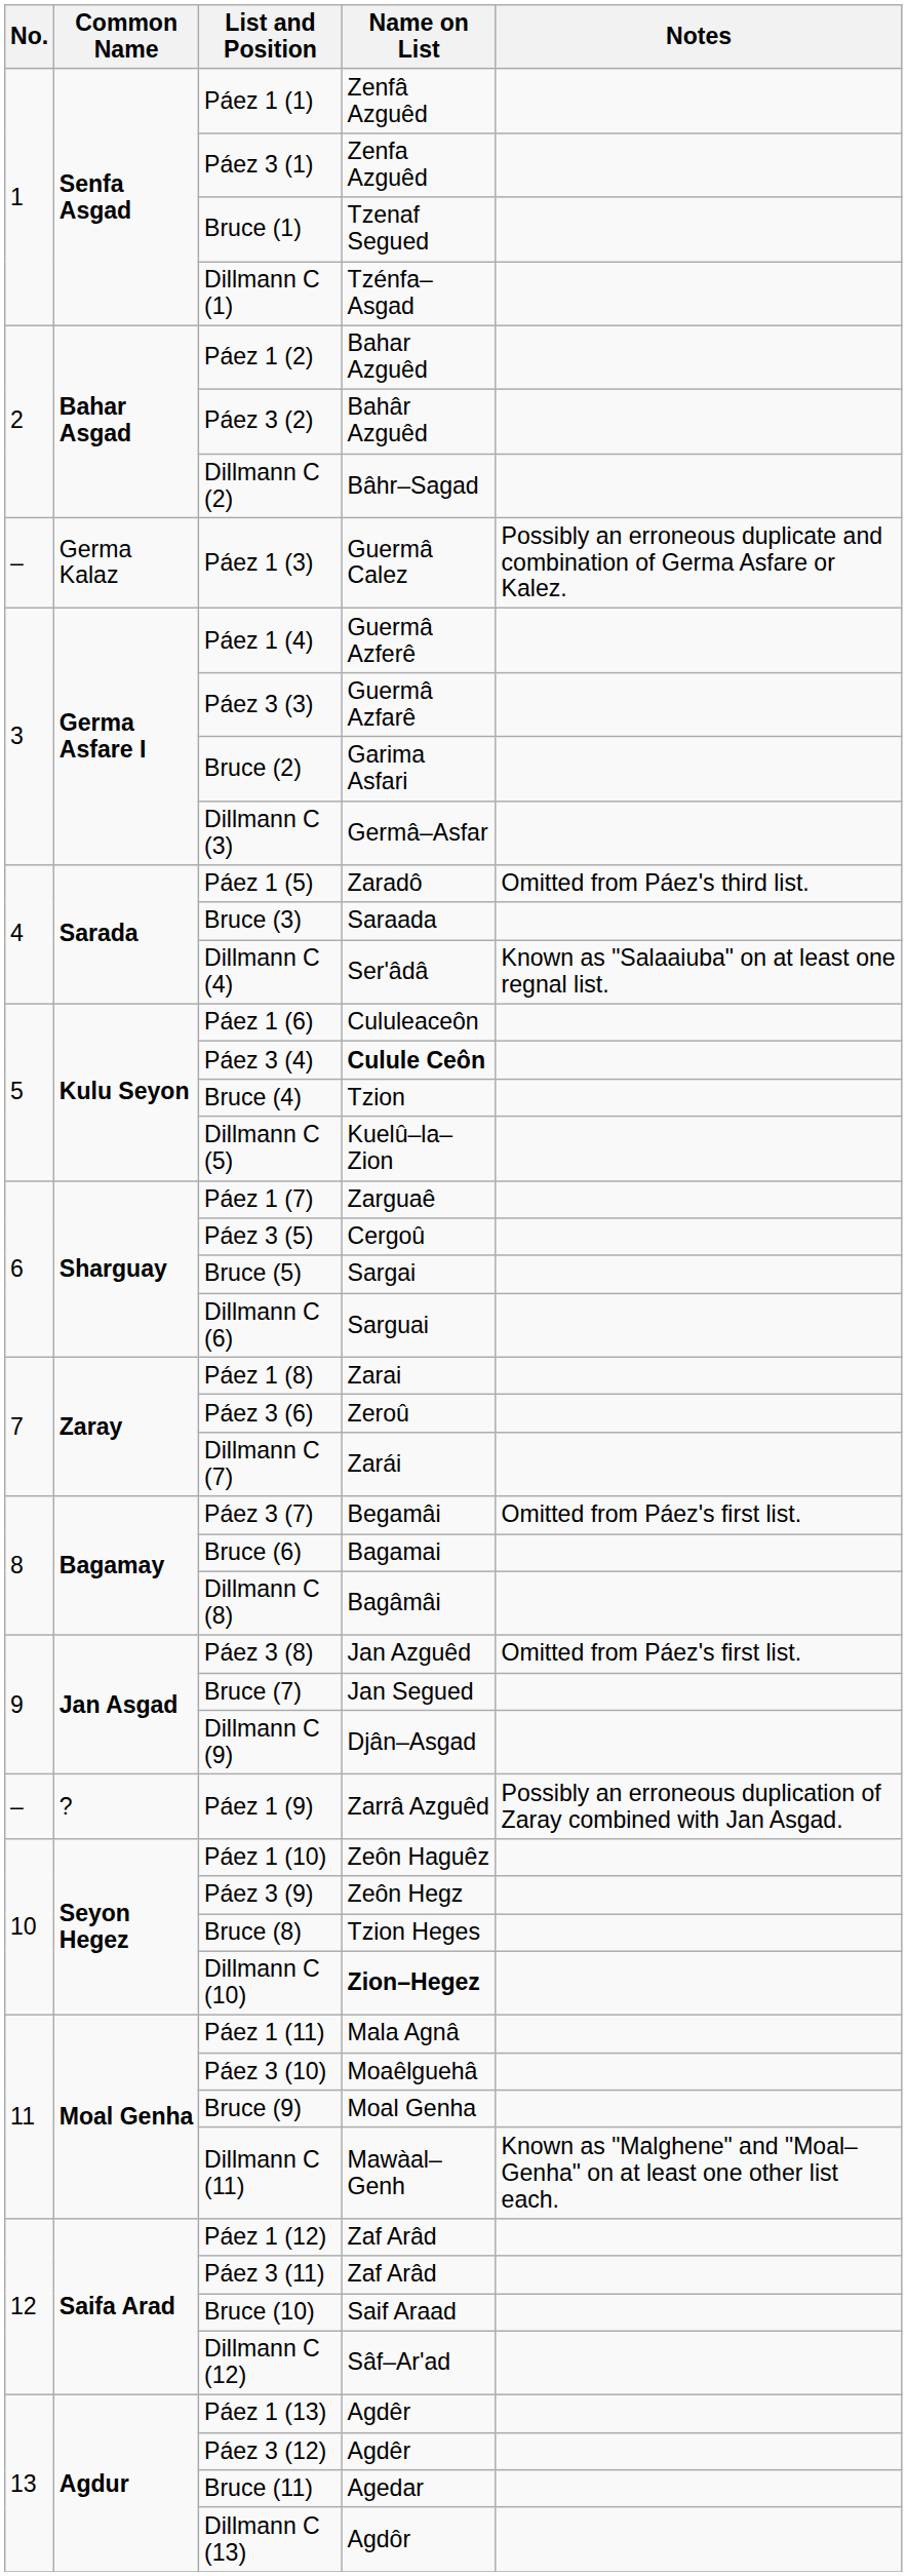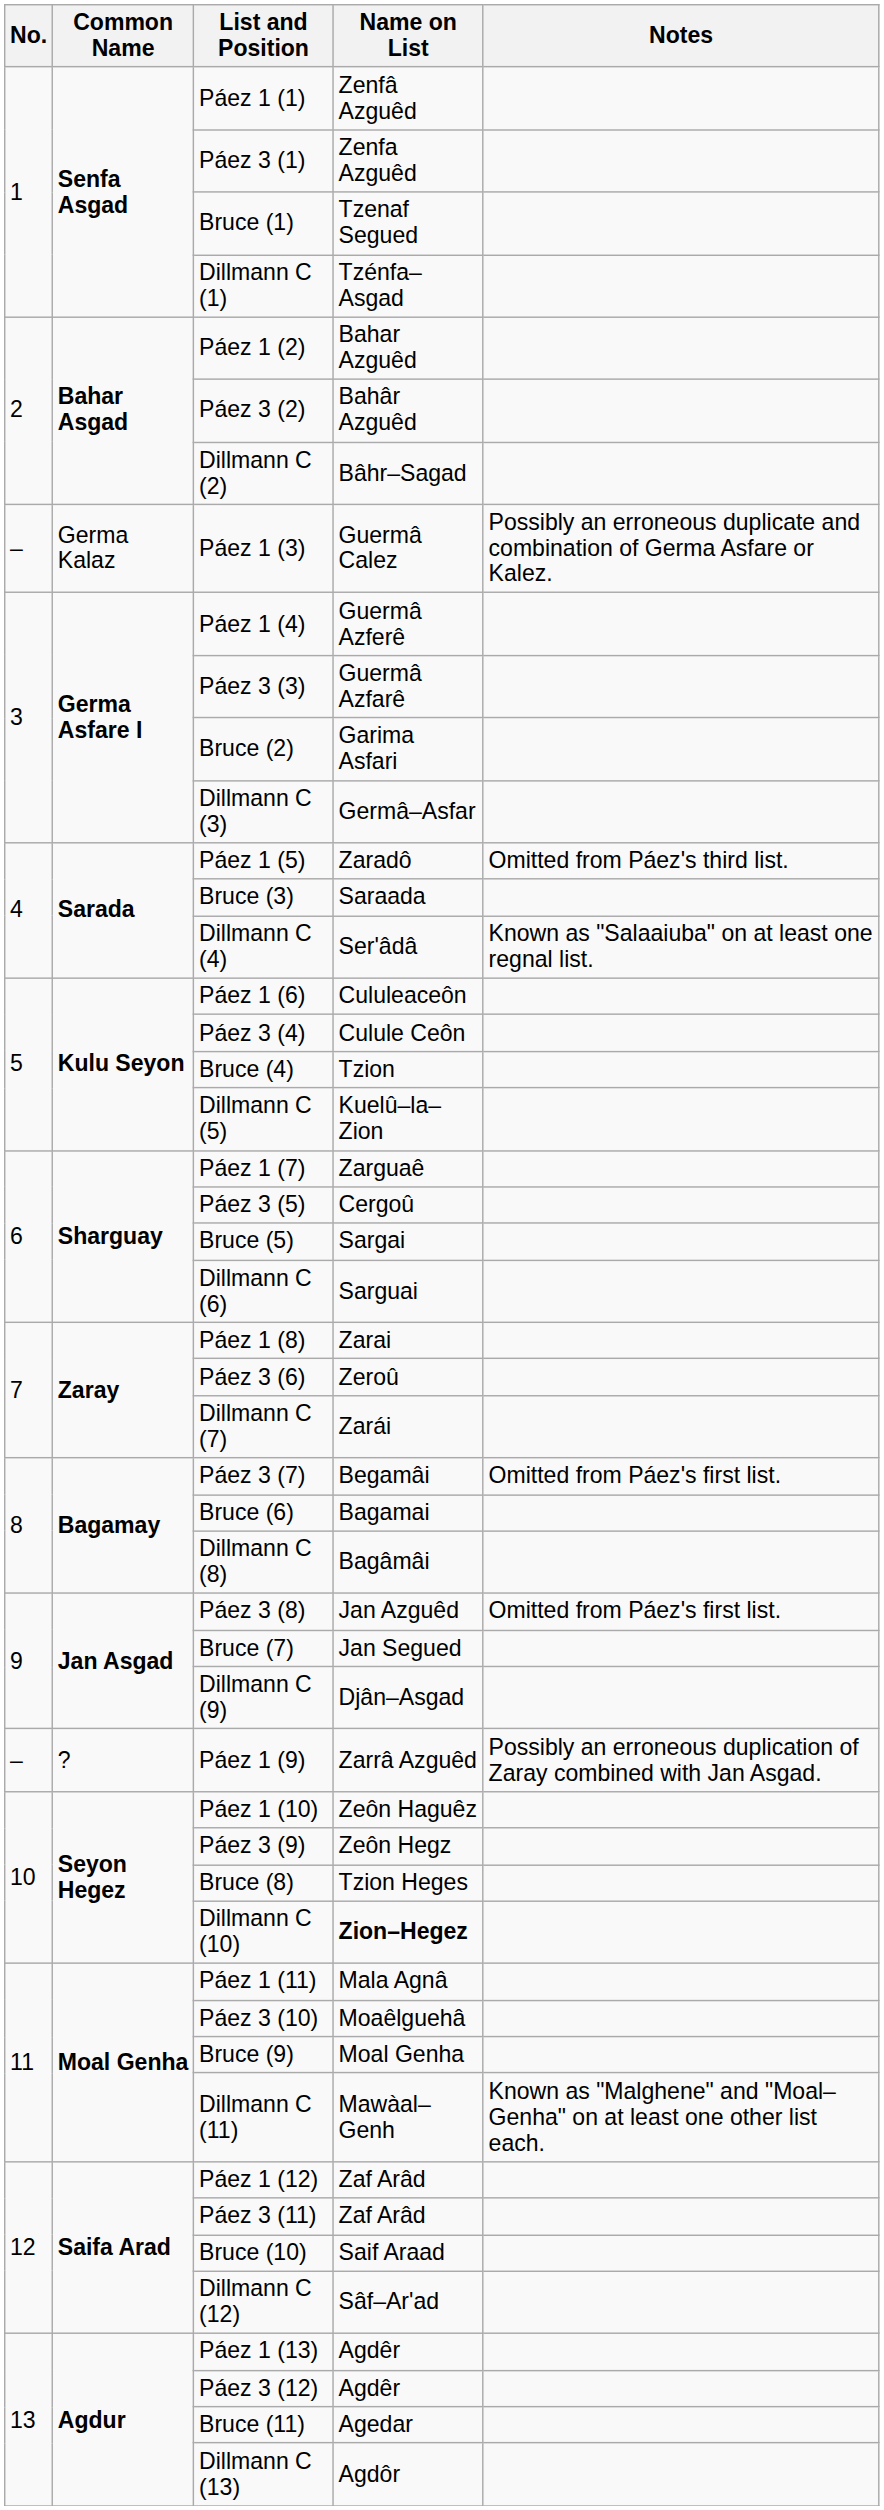 <table class="wikitable">
 <tr>
 <th>No.</th>
 <th>Common Name</th>
 <th>List and Position</th>
 <th>Name on List</th>
 <th>Notes</th>
 </tr>
 <tr>
 <td rowspan="4">1</td>
 <td rowspan="4"><strong>Senfa Asgad</strong></td>
 <td>Páez 1 (1)</td>
 <td>Zenfâ Azguêd</td>
 <td></td>
 </tr>
 <tr>
 <td>Páez 3 (1)</td>
 <td>Zenfa Azguêd</td>
 <td></td>
 </tr>
 <tr>
 <td>Bruce (1)</td>
 <td>Tzenaf Segued</td>
 <td></td>
 </tr>
 <tr>
 <td>Dillmann C (1)</td>
 <td>Tzénfa–Asgad</td>
 <td></td>
 </tr>
 <tr>
 <td rowspan="3">2</td>
 <td rowspan="3"><strong>Bahar Asgad</strong></td>
 <td>Páez 1 (2)</td>
 <td>Bahar Azguêd</td>
 <td></td>
 </tr>
 <tr>
 <td>Páez 3 (2)</td>
 <td>Bahâr Azguêd</td>
 <td></td>
 </tr>
 <tr>
 <td>Dillmann C (2)</td>
 <td>Bâhr–Sagad</td>
 <td></td>
 </tr>
 <tr>
 <td>–</td>
 <td>Germa Kalaz</td>
 <td>Páez 1 (3)</td>
 <td>Guermâ Calez</td>
 <td>Possibly an erroneous duplicate and combination of Germa Asfare or Kalez.</td>
 </tr>
 <tr>
 <td rowspan="4">3</td>
 <td rowspan="4"><strong>Germa Asfare I</strong></td>
 <td>Páez 1 (4)</td>
 <td>Guermâ Azferê</td>
 <td></td>
 </tr>
 <tr>
 <td>Páez 3 (3)</td>
 <td>Guermâ Azfarê</td>
 <td></td>
 </tr>
 <tr>
 <td>Bruce (2)</td>
 <td>Garima Asfari</td>
 <td></td>
 </tr>
 <tr>
 <td>Dillmann C (3)</td>
 <td>Germâ–Asfar</td>
 <td></td>
 </tr>
 <tr>
 <td rowspan="3">4</td>
 <td rowspan="3"><strong>Sarada</strong></td>
 <td>Páez 1 (5)</td>
 <td>Zaradô</td>
 <td>Omitted from Páez's third list.</td>
 </tr>
 <tr>
 <td>Bruce (3)</td>
 <td>Saraada</td>
 <td></td>
 </tr>
 <tr>
 <td>Dillmann C (4)</td>
 <td>Ser'âdâ</td>
 <td>Known as "Salaaiuba" on at least one regnal list.</td>
 </tr>
 <tr>
 <td rowspan="4">5</td>
 <td rowspan="4"><strong>Kulu Seyon</strong></td>
 <td>Páez 1 (6)</td>
 <td>Cululeaceôn</td>
 <td></td>
 </tr>
 <tr>
 <td>Páez 3 (4)</td>
-<td><strong>Culule Ceôn</strong></td>
+<td>Culule Ceôn</td>
 <td></td>
 </tr>
 <tr>
 <td>Bruce (4)</td>
 <td>Tzion</td>
 <td></td>
 </tr>
 <tr>
 <td>Dillmann C (5)</td>
 <td>Kuelû–la–Zion</td>
 <td></td>
 </tr>
 <tr>
 <td rowspan="4">6</td>
 <td rowspan="4"><strong>Sharguay</strong></td>
 <td>Páez 1 (7)</td>
 <td>Zarguaê</td>
 <td></td>
 </tr>
 <tr>
 <td>Páez 3 (5)</td>
 <td>Cergoû</td>
 <td></td>
 </tr>
 <tr>
 <td>Bruce (5)</td>
 <td>Sargai</td>
 <td></td>
 </tr>
 <tr>
 <td>Dillmann C (6)</td>
 <td>Sarguai</td>
 <td></td>
 </tr>
 <tr>
 <td rowspan="3">7</td>
 <td rowspan="3"><strong>Zaray</strong></td>
 <td>Páez 1 (8)</td>
 <td>Zarai</td>
 <td></td>
 </tr>
 <tr>
 <td>Páez 3 (6)</td>
 <td>Zeroû</td>
 <td></td>
 </tr>
 <tr>
 <td>Dillmann C (7)</td>
 <td>Zarái</td>
 <td></td>
 </tr>
 <tr>
 <td rowspan="3">8</td>
 <td rowspan="3"><strong>Bagamay</strong></td>
 <td>Páez 3 (7)</td>
 <td>Begamâi</td>
 <td>Omitted from Páez's first list.</td>
 </tr>
 <tr>
 <td>Bruce (6)</td>
 <td>Bagamai</td>
 <td></td>
 </tr>
 <tr>
 <td>Dillmann C (8)</td>
 <td>Bagâmâi</td>
 <td></td>
 </tr>
 <tr>
 <td rowspan="3">9</td>
 <td rowspan="3"><strong>Jan Asgad</strong></td>
 <td>Páez 3 (8)</td>
 <td>Jan Azguêd</td>
 <td>Omitted from Páez's first list.</td>
 </tr>
 <tr>
 <td>Bruce (7)</td>
 <td>Jan Segued</td>
 <td></td>
 </tr>
 <tr>
 <td>Dillmann C (9)</td>
 <td>Djân–Asgad</td>
 <td></td>
 </tr>
 <tr>
 <td>–</td>
 <td>?</td>
 <td>Páez 1 (9)</td>
 <td>Zarrâ Azguêd</td>
 <td>Possibly an erroneous duplication of Zaray combined with Jan Asgad.</td>
 </tr>
 <tr>
 <td rowspan="4">10</td>
 <td rowspan="4"><strong>Seyon Hegez</strong></td>
 <td>Páez 1 (10)</td>
 <td>Zeôn Haguêz</td>
 <td></td>
 </tr>
 <tr>
 <td>Páez 3 (9)</td>
 <td>Zeôn Hegz</td>
 <td></td>
 </tr>
 <tr>
 <td>Bruce (8)</td>
 <td>Tzion Heges</td>
 <td></td>
 </tr>
 <tr>
 <td>Dillmann C (10)</td>
 <td><strong>Zion–Hegez</strong></td>
 <td></td>
 </tr>
 <tr>
 <td rowspan="4">11</td>
 <td rowspan="4"><strong>Moal Genha</strong></td>
 <td>Páez 1 (11)</td>
 <td>Mala Agnâ</td>
 <td></td>
 </tr>
 <tr>
 <td>Páez 3 (10)</td>
 <td>Moaêlguehâ</td>
 <td></td>
 </tr>
 <tr>
 <td>Bruce (9)</td>
 <td>Moal Genha</td>
 <td></td>
 </tr>
 <tr>
 <td>Dillmann C (11)</td>
 <td>Mawàal–Genh</td>
 <td>Known as "Malghene" and "Moal–Genha" on at least one other list each.</td>
 </tr>
 <tr>
 <td rowspan="4">12</td>
 <td rowspan="4"><strong>Saifa Arad</strong></td>
 <td>Páez 1 (12)</td>
 <td>Zaf Arâd</td>
 <td></td>
 </tr>
 <tr>
 <td>Páez 3 (11)</td>
 <td>Zaf Arâd</td>
 <td></td>
 </tr>
 <tr>
 <td>Bruce (10)</td>
 <td>Saif Araad</td>
 <td></td>
 </tr>
 <tr>
 <td>Dillmann C (12)</td>
 <td>Sâf–Ar'ad</td>
 <td></td>
 </tr>
 <tr>
 <td rowspan="4">13</td>
 <td rowspan="4"><strong>Agdur</strong></td>
 <td>Páez 1 (13)</td>
 <td>Agdêr</td>
 <td></td>
 </tr>
 <tr>
 <td>Páez 3 (12)</td>
 <td>Agdêr</td>
 <td></td>
 </tr>
 <tr>
 <td>Bruce (11)</td>
 <td>Agedar</td>
 <td></td>
 </tr>
 <tr>
 <td>Dillmann C (13)</td>
 <td>Agdôr</td>
 <td></td>
 </tr>
 </table>
